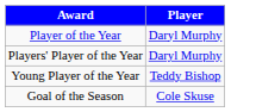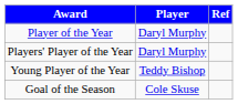 <table class="wikitable" style="text-align:center">
 <tr>
 <th style="background:blue; color:white; width=0%">Award</th>
 <th style="background:blue; color:white; width=0%">Player</th>
+<th style="background:blue; color:white; width=0%">Ref</th>
 </tr>
 <tr>
 <td><a href='#'>Player of the Year</a></td>
 <td> <a href='#'>Daryl Murphy</a></td>
+<td></td>
 </tr>
 <tr>
 <td>Players' Player of the Year</td>
 <td> <a href='#'>Daryl Murphy</a></td>
+<td></td>
 </tr>
 <tr>
 <td>Young Player of the Year</td>
 <td> <a href='#'>Teddy Bishop</a></td>
+<td></td>
 </tr>
 <tr>
 <td>Goal of the Season</td>
 <td> <a href='#'>Cole Skuse</a></td>
+<td></td>
 </tr>
 </table>
